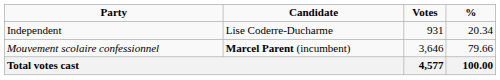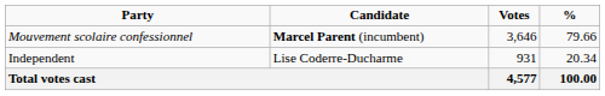 <table class="wikitable" style="width: 45%;">
 <tr>
 <td style="text-align:center;"><strong>Party</strong></td>
 <td style="text-align:center;"><strong>Candidate</strong></td>
 <td style="text-align:center;"><strong>Votes</strong></td>
 <td style="text-align:center;"><strong>%</strong></td>
 </tr>
 <tr>
+<td style="text-align:left;"><em>Mouvement scolaire confessionnel</em></td>
+<td style="text-align:left;"><strong>Marcel Parent</strong> (incumbent)</td>
+<td style="text-align:right;">3,646</td>
+<td style="text-align:right;">79.66</td>
+</tr>
+<tr>
 <td style="text-align:left;">Independent</td>
 <td style="text-align:left;">Lise Coderre-Ducharme</td>
 <td style="text-align:right;">931</td>
 <td style="text-align:right;">20.34</td>
-</tr>
-<tr>
-<td style="text-align:left;"><em>Mouvement scolaire confessionnel</em></td>
-<td style="text-align:left;"><strong>Marcel Parent</strong> (incumbent)</td>
-<td style="text-align:right;">3,646</td>
-<td style="text-align:right;">79.66</td>
 </tr>
 <tr>
 <th style="text-align:left;" colspan=2>Total votes cast</th>
 <th style="text-align:right;">4,577</th>
 <th style="text-align:right;">100.00</th>
 </tr>
 </table>
